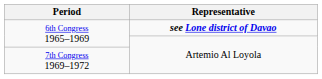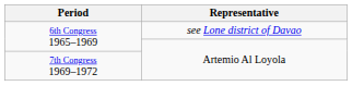 <table class="wikitable" style="text-align:center; width:40%;">
 <tr>
 <th width="40%">Period</th>
 <th>Representative</th>
 </tr>
 <tr>
 <td rowspan="2"><small><a href='#'>6th Congress</a></small><br>1965–1969</td>
-<td><strong><em>see <a href='#'>Lone district of Davao</a></em></strong></td>
+<td><em>see <a href='#'>Lone district of Davao</a></em></td>
 </tr>
 <tr>
 <td rowspan="2">Artemio Al Loyola</td>
 </tr>
 <tr>
 <td><small><a href='#'>7th Congress</a></small><br>1969–1972</td>
 </tr>
 </table>
